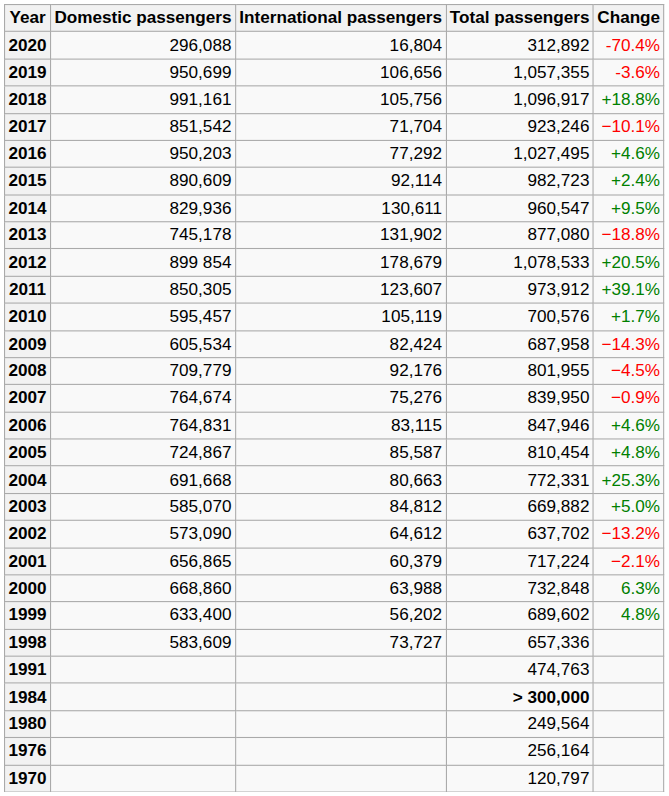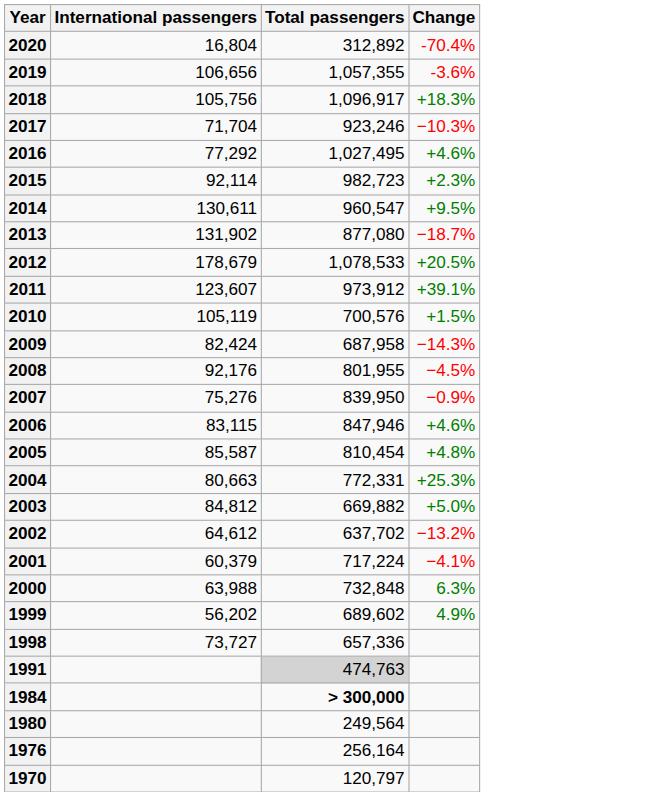 <table class="wikitable" style="text-align: right;">
 <tr>
 <th>Year</th>
-<th>Domestic passengers</th>
 <th>International passengers</th>
 <th>Total passengers</th>
 <th>Change</th>
 </tr>
 <tr>
 <th>2020</th>
-<td>296,088</td>
 <td>16,804</td>
 <td>312,892</td>
 <td style="color:red">-70.4% </td>
 </tr>
 <tr>
 <th>2019</th>
-<td>950,699</td>
 <td>106,656</td>
 <td>1,057,355</td>
 <td style="color:red">-3.6% </td>
 </tr>
 <tr>
 <th>2018</th>
-<td>991,161</td>
 <td>105,756</td>
 <td>1,096,917</td>
-<td style="color:green">+18.8% </td>
+<td style="color:green">+18.3% </td>
 </tr>
 <tr>
 <th>2017</th>
-<td>851,542</td>
 <td>71,704</td>
 <td>923,246</td>
-<td style="color:red">−10.1% </td>
+<td style="color:red">−10.3% </td>
 </tr>
 <tr>
 <th>2016</th>
-<td>950,203</td>
 <td>77,292</td>
 <td>1,027,495</td>
 <td style="color:green">+4.6% </td>
 </tr>
 <tr>
 <th>2015</th>
-<td>890,609</td>
 <td>92,114</td>
 <td>982,723</td>
-<td style="color:green">+2.4% </td>
+<td style="color:green">+2.3% </td>
 </tr>
 <tr>
 <th>2014</th>
-<td>829,936</td>
 <td>130,611</td>
 <td>960,547</td>
 <td style="color:green">+9.5% </td>
 </tr>
 <tr>
 <th>2013</th>
-<td>745,178</td>
 <td>131,902</td>
 <td>877,080</td>
-<td style="color:red">−18.8% </td>
+<td style="color:red">−18.7% </td>
 </tr>
 <tr>
 <th>2012</th>
-<td>899 854</td>
 <td>178,679</td>
 <td>1,078,533</td>
 <td style="color:green">+20.5% </td>
 </tr>
 <tr>
 <th>2011</th>
-<td>850,305</td>
 <td>123,607</td>
 <td>973,912</td>
 <td style="color:green">+39.1% </td>
 </tr>
 <tr>
 <th>2010</th>
-<td>595,457</td>
 <td>105,119</td>
 <td>700,576</td>
-<td style="color:green">+1.7% </td>
+<td style="color:green">+1.5% </td>
 </tr>
 <tr>
 <th>2009</th>
-<td>605,534</td>
 <td>82,424</td>
 <td>687,958</td>
 <td style="color:red">−14.3% </td>
 </tr>
 <tr>
 <th>2008</th>
-<td>709,779</td>
 <td>92,176</td>
 <td>801,955</td>
 <td style="color:red">−4.5% </td>
 </tr>
 <tr>
 <th>2007</th>
-<td>764,674</td>
 <td>75,276</td>
 <td>839,950</td>
 <td style="color:red">−0.9% </td>
 </tr>
 <tr>
 <th>2006</th>
-<td>764,831</td>
 <td>83,115</td>
 <td>847,946</td>
 <td style="color:green">+4.6% </td>
 </tr>
 <tr>
 <th>2005</th>
-<td>724,867</td>
 <td>85,587</td>
 <td>810,454</td>
 <td style="color:green">+4.8% </td>
 </tr>
 <tr>
 <th>2004</th>
-<td>691,668</td>
 <td>80,663</td>
 <td>772,331</td>
 <td style="color:green">+25.3% </td>
 </tr>
 <tr>
 <th>2003</th>
-<td>585,070</td>
 <td>84,812</td>
 <td>669,882</td>
 <td style="color:green">+5.0% </td>
 </tr>
 <tr>
 <th>2002</th>
-<td>573,090</td>
 <td>64,612</td>
 <td>637,702</td>
 <td style="color:red">−13.2% </td>
 </tr>
 <tr>
 <th>2001</th>
-<td>656,865</td>
 <td>60,379</td>
 <td>717,224</td>
-<td style="color:red">−2.1% </td>
+<td style="color:red">−4.1% </td>
 </tr>
 <tr>
 <th>2000</th>
-<td>668,860</td>
 <td>63,988</td>
 <td>732,848</td>
 <td style="color:green">6.3% </td>
 </tr>
 <tr>
 <th>1999</th>
-<td>633,400</td>
 <td>56,202</td>
 <td>689,602</td>
-<td style="color:green">4.8% </td>
+<td style="color:green">4.9% </td>
 </tr>
 <tr>
 <th>1998</th>
-<td>583,609</td>
 <td>73,727</td>
 <td>657,336</td>
 <td></td>
 </tr>
 <tr>
 <th>1991</th>
 <td></td>
-<td></td>
-<td>474,763</td>
+<td style="background: lightgrey;">474,763</td>
 <td></td>
 </tr>
 <tr>
 <th>1984</th>
-<td></td>
 <td></td>
 <td><strong>> 300,000</strong></td>
 <td></td>
 </tr>
 <tr>
 <th>1980</th>
 <td></td>
-<td></td>
 <td>249,564</td>
 <td></td>
 </tr>
 <tr>
 <th>1976</th>
-<td></td>
 <td></td>
 <td>256,164</td>
 <td></td>
 </tr>
 <tr>
 <th>1970</th>
 <td></td>
-<td></td>
 <td>120,797</td>
 <td></td>
 </tr>
 </table>
